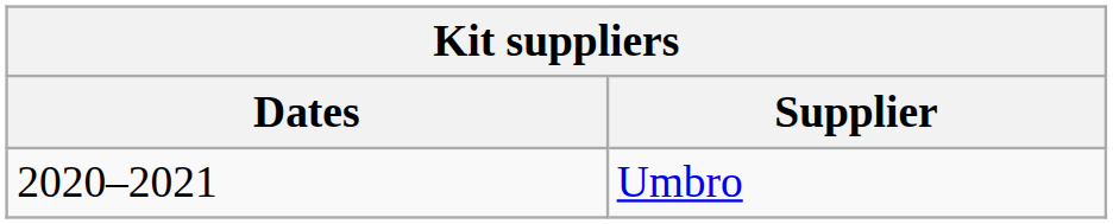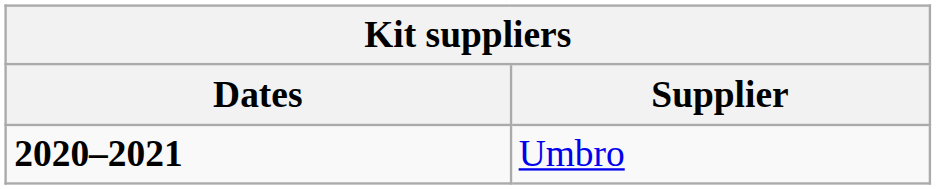 <table class="wikitable mw-collapsible collapsible collapsed plainrowheaders" style="width: 25%; text-align: centr; margin-left:1em; float: left">
 <tr>
 <th colspan=3>Kit suppliers</th>
 </tr>
 <tr>
 <th scope="col">Dates</th>
 <th scope="col">Supplier</th>
 </tr>
 <tr>
-<td scope="row">2020–2021</td>
+<td scope="row"><strong>2020–2021</strong></td>
 <td> <a href='#'>Umbro</a></td>
 </tr>
 </table>
